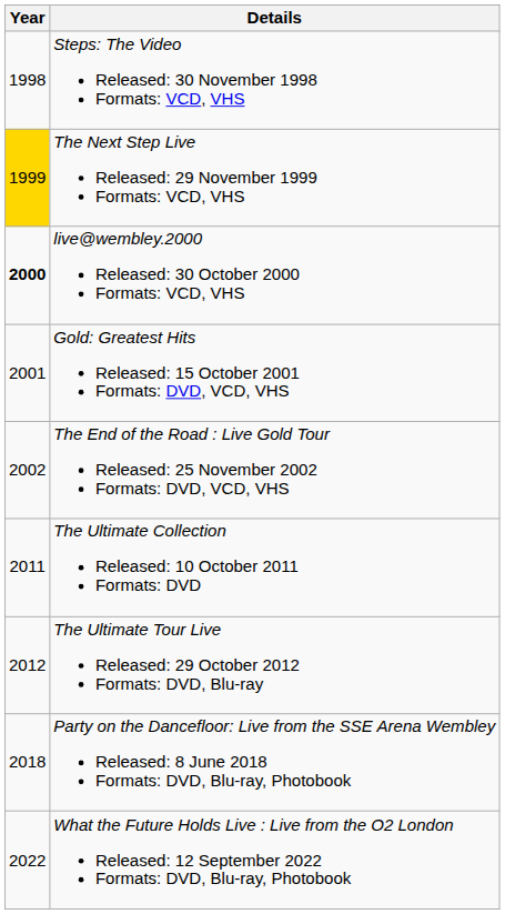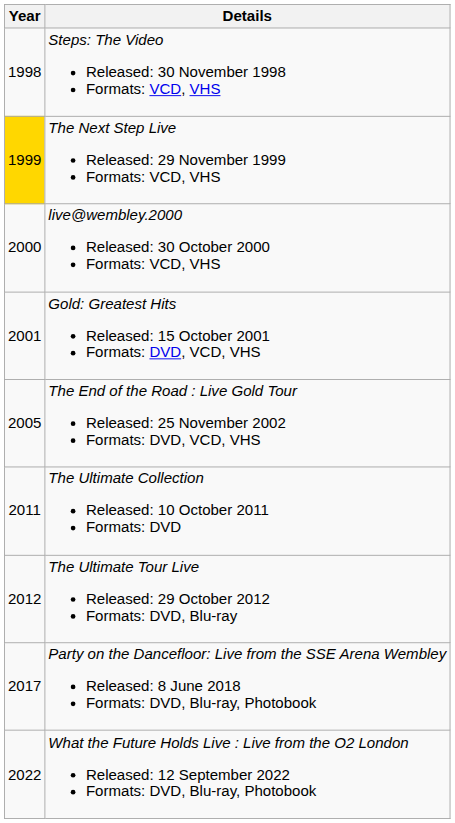 <table class="wikitable">
 <tr>
 <th scope="col">Year</th>
 <th scope="col">Details</th>
 </tr>
 <tr>
 <td align="center">1998</td>
 <td><em>Steps: The Video</em><br><ul><li>Released: 30 November 1998</li><li>Formats: <a href='#'>VCD</a>, <a href='#'>VHS</a></li></ul></td>
 </tr>
 <tr>
 <td align="center" style="background: gold;">1999</td>
 <td><em>The Next Step Live</em><br><ul><li>Released: 29 November 1999</li><li>Formats: VCD, VHS</li></ul></td>
 </tr>
 <tr>
-<td align="center"><strong>2000</strong></td>
+<td align="center">2000</td>
 <td><em>live@wembley.2000</em><br><ul><li>Released: 30 October 2000</li><li>Formats: VCD, VHS</li></ul></td>
 </tr>
 <tr>
 <td align="center">2001</td>
 <td><em>Gold: Greatest Hits</em><br><ul><li>Released: 15 October 2001</li><li>Formats: <a href='#'>DVD</a>, VCD, VHS</li></ul></td>
 </tr>
 <tr>
-<td align="center">2002</td>
+<td align="center">2005</td>
 <td><em>The End of the Road : Live Gold Tour</em><br><ul><li>Released: 25 November 2002</li><li>Formats: DVD, VCD, VHS</li></ul></td>
 </tr>
 <tr>
 <td align="center">2011</td>
 <td><em>The Ultimate Collection</em><br><ul><li>Released: 10 October 2011</li><li>Formats: DVD</li></ul></td>
 </tr>
 <tr>
 <td align="center">2012</td>
 <td><em>The Ultimate Tour Live</em><br><ul><li>Released: 29 October 2012</li><li>Formats: DVD, Blu-ray</li></ul></td>
 </tr>
 <tr>
-<td align="center">2018</td>
+<td align="center">2017</td>
 <td><em>Party on the Dancefloor: Live from the SSE Arena Wembley</em><br><ul><li>Released: 8 June 2018</li><li>Formats: DVD, Blu-ray, Photobook</li></ul></td>
 </tr>
 <tr>
 <td align="center">2022</td>
 <td><em>What the Future Holds Live : Live from the O2 London</em><br><ul><li>Released: 12 September 2022</li><li>Formats: DVD, Blu-ray, Photobook</li></ul></td>
 </tr>
 </table>
